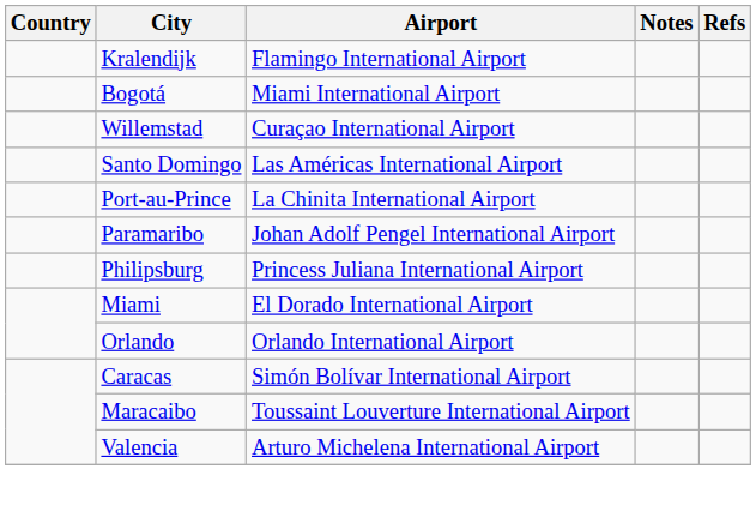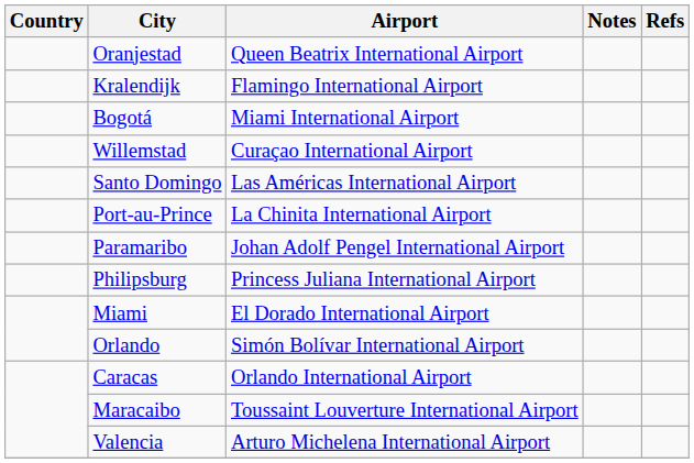 <table class="sortable wikitable">
 <tr>
 <th>Country</th>
 <th>City</th>
 <th>Airport</th>
 <th>Notes</th>
 <th class=unsortable>Refs</th>
+</tr>
+<tr>
+<td></td>
+<td><a href='#'>Oranjestad</a></td>
+<td><a href='#'>Queen Beatrix International Airport</a></td>
+<td></td>
+<td></td>
 </tr>
 <tr>
 <td></td>
 <td><a href='#'>Kralendijk</a></td>
 <td><a href='#'>Flamingo International Airport</a></td>
 <td></td>
 <td></td>
 </tr>
 <tr>
 <td></td>
 <td><a href='#'>Bogotá</a></td>
 <td><a href='#'>Miami International Airport</a></td>
 <td align=center></td>
 <td></td>
 </tr>
 <tr>
 <td></td>
 <td><a href='#'>Willemstad</a></td>
 <td><a href='#'>Curaçao International Airport</a></td>
 <td></td>
 <td></td>
 </tr>
 <tr>
 <td></td>
 <td><a href='#'>Santo Domingo</a></td>
 <td><a href='#'>Las Américas International Airport</a></td>
 <td align=center></td>
 <td></td>
 </tr>
 <tr>
 <td></td>
 <td><a href='#'>Port-au-Prince</a></td>
 <td><a href='#'>La Chinita International Airport</a></td>
 <td align=center></td>
 <td></td>
 </tr>
 <tr>
 <td></td>
 <td><a href='#'>Paramaribo</a></td>
 <td><a href='#'>Johan Adolf Pengel International Airport</a></td>
 <td align=center></td>
 <td></td>
 </tr>
 <tr>
 <td></td>
 <td><a href='#'>Philipsburg</a></td>
 <td><a href='#'>Princess Juliana International Airport</a></td>
 <td></td>
 <td></td>
 </tr>
 <tr>
 <td rowspan=2></td>
 <td><a href='#'>Miami</a></td>
 <td><a href='#'>El Dorado International Airport</a></td>
 <td></td>
 <td></td>
 </tr>
 <tr>
 <td><a href='#'>Orlando</a></td>
-<td><a href='#'>Orlando International Airport</a></td>
+<td><a href='#'>Simón Bolívar International Airport</a></td>
 <td align=center></td>
 <td></td>
 </tr>
 <tr>
 <td rowspan=3></td>
 <td><a href='#'>Caracas</a></td>
-<td><a href='#'>Simón Bolívar International Airport</a></td>
+<td><a href='#'>Orlando International Airport</a></td>
 <td></td>
 <td></td>
 </tr>
 <tr>
 <td><a href='#'>Maracaibo</a></td>
 <td><a href='#'>Toussaint Louverture International Airport</a></td>
 <td></td>
 <td></td>
 </tr>
 <tr>
 <td><a href='#'>Valencia</a></td>
 <td><a href='#'>Arturo Michelena International Airport</a></td>
 <td></td>
 <td></td>
 </tr>
 <tr>
 </tr>
 </table>
